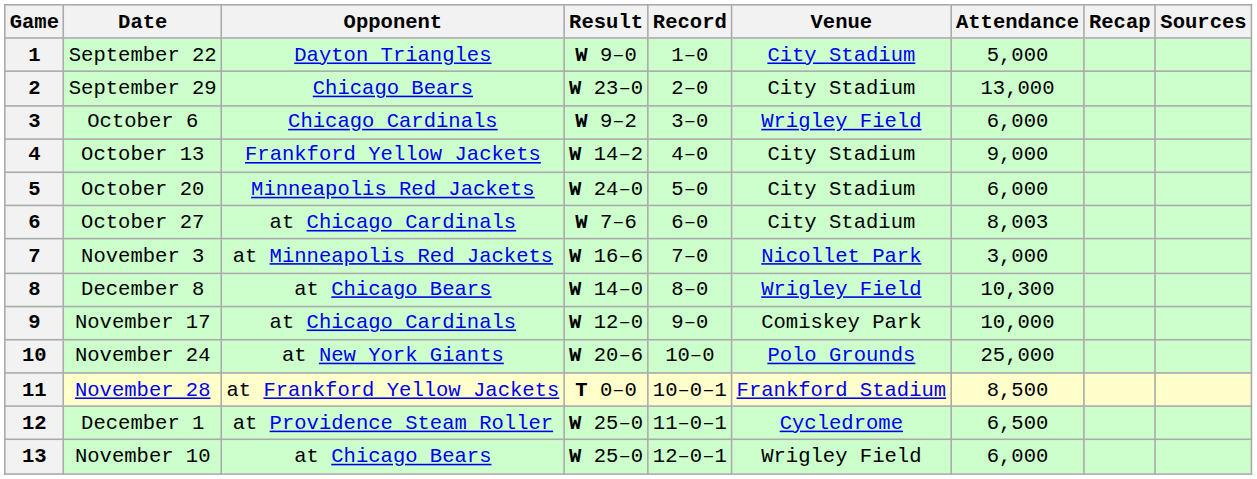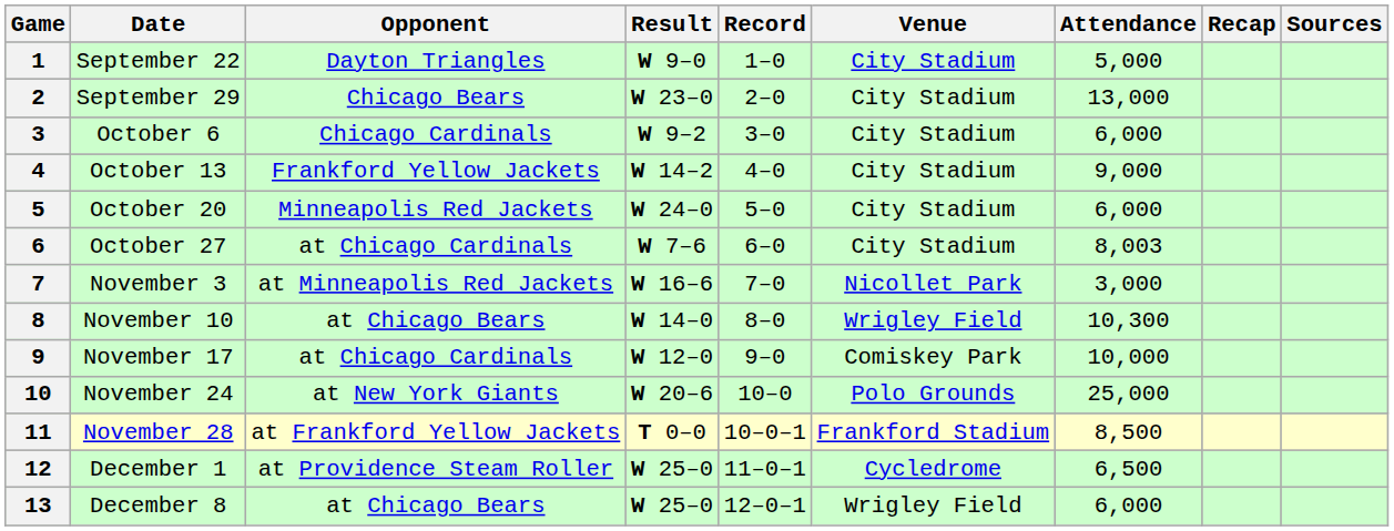 <table class="wikitable" style="text-align:center">
 <tr>
 <th>Game</th>
 <th>Date</th>
 <th>Opponent</th>
 <th>Result</th>
 <th>Record</th>
 <th>Venue</th>
 <th>Attendance</th>
 <th>Recap</th>
 <th>Sources</th>
 </tr>
 <tr style="background:#cfc">
 <th>1</th>
 <td>September 22</td>
 <td><a href='#'>Dayton Triangles</a></td>
 <td><strong>W</strong> 9–0</td>
 <td>1–0</td>
 <td><a href='#'>City Stadium</a></td>
 <td>5,000</td>
 <td></td>
 <td></td>
 </tr>
 <tr style="background:#cfc">
 <th>2</th>
 <td>September 29</td>
 <td><a href='#'>Chicago Bears</a></td>
 <td><strong>W</strong> 23–0</td>
 <td>2–0</td>
 <td>City Stadium</td>
 <td>13,000</td>
 <td></td>
 <td></td>
 </tr>
 <tr style="background:#cfc">
 <th>3</th>
 <td>October 6</td>
 <td><a href='#'>Chicago Cardinals</a></td>
 <td><strong>W</strong> 9–2</td>
 <td>3–0</td>
-<td><a href='#'>Wrigley Field</a></td>
+<td>City Stadium</td>
 <td>6,000</td>
 <td></td>
 <td></td>
 </tr>
 <tr style="background:#cfc">
 <th>4</th>
 <td>October 13</td>
 <td><a href='#'>Frankford Yellow Jackets</a></td>
 <td><strong>W</strong> 14–2</td>
 <td>4–0</td>
 <td>City Stadium</td>
 <td>9,000</td>
 <td></td>
 <td></td>
 </tr>
 <tr style="background:#cfc">
 <th>5</th>
 <td>October 20</td>
 <td><a href='#'>Minneapolis Red Jackets</a></td>
 <td><strong>W</strong> 24–0</td>
 <td>5–0</td>
 <td>City Stadium</td>
 <td>6,000</td>
 <td></td>
 <td></td>
 </tr>
 <tr style="background:#cfc">
 <th>6</th>
 <td>October 27</td>
 <td>at <a href='#'>Chicago Cardinals</a></td>
 <td><strong>W</strong> 7–6</td>
 <td>6–0</td>
 <td>City Stadium</td>
 <td>8,003</td>
 <td></td>
 <td></td>
 </tr>
 <tr style="background:#cfc">
 <th>7</th>
 <td>November 3</td>
 <td>at <a href='#'>Minneapolis Red Jackets</a></td>
 <td><strong>W</strong> 16–6</td>
 <td>7–0</td>
 <td><a href='#'>Nicollet Park</a></td>
 <td>3,000</td>
 <td></td>
 <td></td>
 </tr>
 <tr style="background:#cfc">
 <th>8</th>
-<td>December 8</td>
+<td>November 10</td>
 <td>at <a href='#'>Chicago Bears</a></td>
 <td><strong>W</strong> 14–0</td>
 <td>8–0</td>
 <td><a href='#'>Wrigley Field</a></td>
 <td>10,300</td>
 <td></td>
 <td></td>
 </tr>
 <tr style="background:#cfc">
 <th>9</th>
 <td>November 17</td>
 <td>at <a href='#'>Chicago Cardinals</a></td>
 <td><strong>W</strong> 12–0</td>
 <td>9–0</td>
 <td>Comiskey Park</td>
 <td>10,000</td>
 <td></td>
 <td></td>
 </tr>
 <tr style="background:#cfc">
 <th>10</th>
 <td>November 24</td>
 <td>at <a href='#'>New York Giants</a></td>
 <td><strong>W</strong> 20–6</td>
 <td>10–0</td>
 <td><a href='#'>Polo Grounds</a></td>
 <td>25,000</td>
 <td></td>
 <td></td>
 </tr>
 <tr style="background:#ffc">
 <th>11</th>
 <td><a href='#'>November 28</a></td>
 <td>at <a href='#'>Frankford Yellow Jackets</a></td>
 <td><strong>T</strong> 0–0</td>
 <td>10–0–1</td>
 <td><a href='#'>Frankford Stadium</a></td>
 <td>8,500</td>
 <td></td>
 <td></td>
 </tr>
 <tr style="background:#cfc">
 <th>12</th>
 <td>December 1</td>
 <td>at <a href='#'>Providence Steam Roller</a></td>
 <td><strong>W</strong> 25–0</td>
 <td>11–0–1</td>
 <td><a href='#'>Cycledrome</a></td>
 <td>6,500</td>
 <td></td>
 <td></td>
 </tr>
 <tr style="background:#cfc">
 <th>13</th>
-<td>November 10</td>
+<td>December 8</td>
 <td>at <a href='#'>Chicago Bears</a></td>
 <td><strong>W</strong> 25–0</td>
 <td>12–0–1</td>
 <td>Wrigley Field</td>
 <td>6,000</td>
 <td></td>
 <td></td>
 </tr>
 </table>
